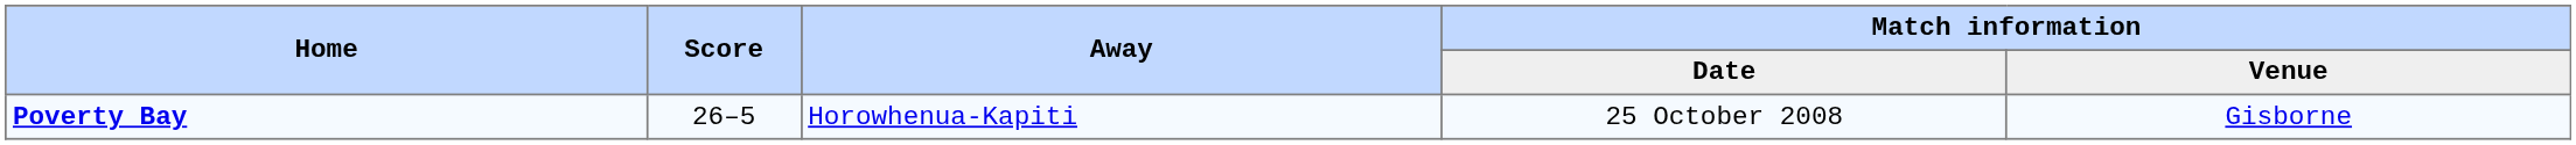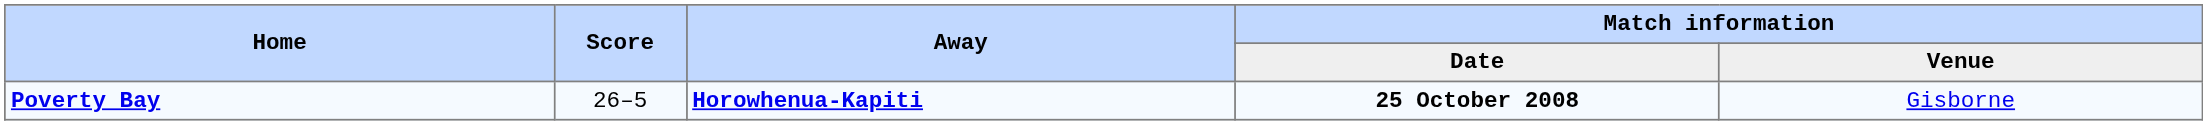 <table border=1 style="border-collapse:collapse;text-align:center" cellpadding=3 cellspacing=0 width=100%>
 <tr bgcolor=#C1D8FF>
 <th rowspan=2 width=25%>Home</th>
 <th rowspan=2 width=6%>Score</th>
 <th rowspan=2 width=25%>Away</th>
 <th colspan=6>Match information</th>
 </tr>
 <tr bgcolor=#EFEFEF>
 <th width=22%>Date</th>
 <th width=22%>Venue</th>
 </tr>
 <tr bgcolor=#F5FAFF>
 <td align=left><strong><a href='#'>Poverty Bay</a></strong></td>
 <td>26–5</td>
-<td align=left><a href='#'>Horowhenua-Kapiti</a></td>
-<td>25 October 2008</td>
+<td align=left><strong><a href='#'>Horowhenua-Kapiti</a></strong></td>
+<td><strong>25 October 2008</strong></td>
 <td><a href='#'>Gisborne</a></td>
 </tr>
 </table>
